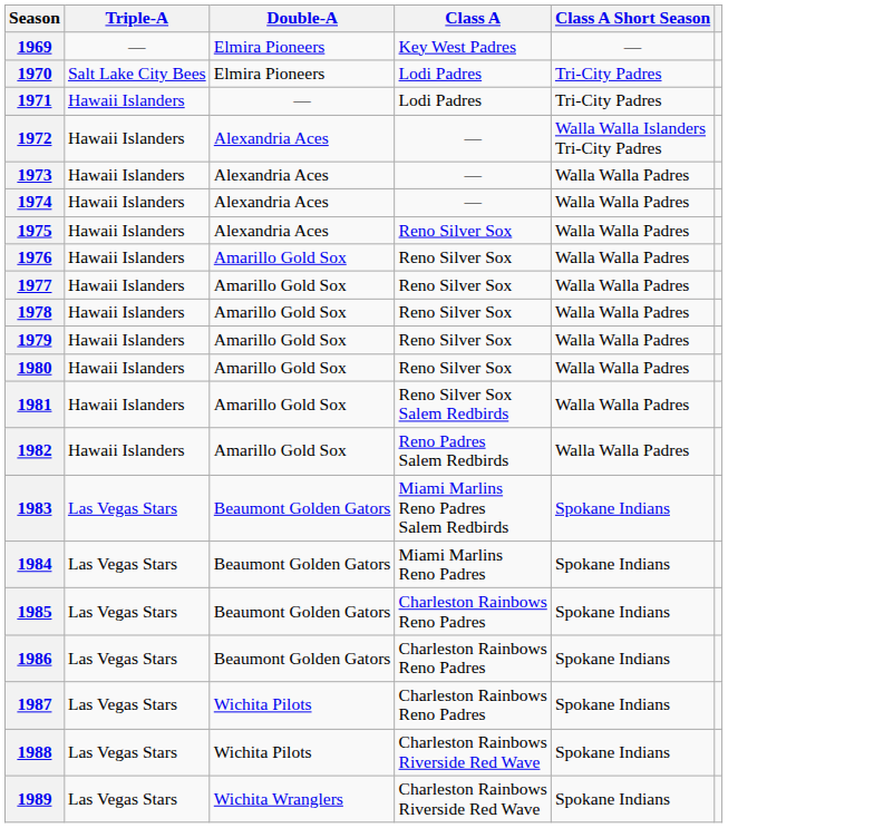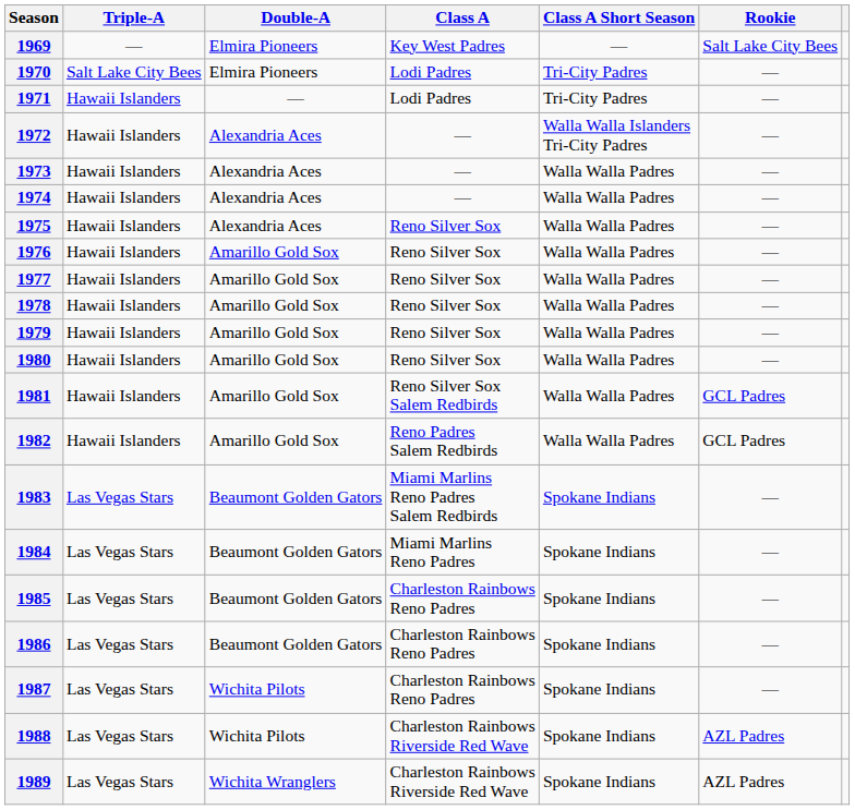 <table class="wikitable plainrowheaders">
 <tr>
 <th scope="col">Season</th>
 <th scope="col"><a href='#'><span>Triple-A</span></a></th>
 <th scope="col"><a href='#'><span>Double-A</span></a></th>
 <th scope="col"><a href='#'><span>Class A</span></a></th>
 <th scope="col"><a href='#'><span>Class A Short Season</span></a></th>
+<th scope="col"><a href='#'><span>Rookie</span></a></th>
 <th scope="col"></th>
 </tr>
 <tr>
 <th scope="row" style="text-align:center"><a href='#'>1969</a></th>
 <td align="center">—</td>
 <td><a href='#'>Elmira Pioneers</a></td>
 <td><a href='#'>Key West Padres</a></td>
 <td align="center">—</td>
+<td><a href='#'>Salt Lake City Bees</a></td>
 <td align="center"></td>
 </tr>
 <tr>
 <th scope="row" style="text-align:center"><a href='#'>1970</a></th>
 <td><a href='#'>Salt Lake City Bees</a></td>
 <td>Elmira Pioneers</td>
 <td><a href='#'>Lodi Padres</a></td>
 <td><a href='#'>Tri-City Padres</a></td>
+<td align="center">—</td>
 <td align="center"></td>
 </tr>
 <tr>
 <th scope="row" style="text-align:center"><a href='#'>1971</a></th>
 <td><a href='#'>Hawaii Islanders</a></td>
 <td align="center">—</td>
 <td>Lodi Padres</td>
 <td>Tri-City Padres</td>
+<td align="center">—</td>
 <td align="center"></td>
 </tr>
 <tr>
 <th scope="row" style="text-align:center"><a href='#'>1972</a></th>
 <td>Hawaii Islanders</td>
 <td><a href='#'>Alexandria Aces</a></td>
 <td align="center">—</td>
 <td><a href='#'>Walla Walla Islanders</a><br>Tri-City Padres</td>
+<td align="center">—</td>
 <td align="center"></td>
 </tr>
 <tr>
 <th scope="row" style="text-align:center"><a href='#'>1973</a></th>
 <td>Hawaii Islanders</td>
 <td>Alexandria Aces</td>
 <td align="center">—</td>
 <td>Walla Walla Padres</td>
+<td align="center">—</td>
 <td align="center"></td>
 </tr>
 <tr>
 <th scope="row" style="text-align:center"><a href='#'>1974</a></th>
 <td>Hawaii Islanders</td>
 <td>Alexandria Aces</td>
 <td align="center">—</td>
 <td>Walla Walla Padres</td>
+<td align="center">—</td>
 <td align="center"></td>
 </tr>
 <tr>
 <th scope="row" style="text-align:center"><a href='#'>1975</a></th>
 <td>Hawaii Islanders</td>
 <td>Alexandria Aces</td>
 <td><a href='#'>Reno Silver Sox</a></td>
 <td>Walla Walla Padres</td>
+<td align="center">—</td>
 <td align="center"></td>
 </tr>
 <tr>
 <th scope="row" style="text-align:center"><a href='#'>1976</a></th>
 <td>Hawaii Islanders</td>
 <td><a href='#'>Amarillo Gold Sox</a></td>
 <td>Reno Silver Sox</td>
 <td>Walla Walla Padres</td>
+<td align="center">—</td>
 <td align="center"></td>
 </tr>
 <tr>
 <th scope="row" style="text-align:center"><a href='#'>1977</a></th>
 <td>Hawaii Islanders</td>
 <td>Amarillo Gold Sox</td>
 <td>Reno Silver Sox</td>
 <td>Walla Walla Padres</td>
+<td align="center">—</td>
 <td align="center"></td>
 </tr>
 <tr>
 <th scope="row" style="text-align:center"><a href='#'>1978</a></th>
 <td>Hawaii Islanders</td>
 <td>Amarillo Gold Sox</td>
 <td>Reno Silver Sox</td>
 <td>Walla Walla Padres</td>
+<td align="center">—</td>
 <td align="center"></td>
 </tr>
 <tr>
 <th scope="row" style="text-align:center"><a href='#'>1979</a></th>
 <td>Hawaii Islanders</td>
 <td>Amarillo Gold Sox</td>
 <td>Reno Silver Sox</td>
 <td>Walla Walla Padres</td>
+<td align="center">—</td>
 <td align="center"></td>
 </tr>
 <tr>
 <th scope="row" style="text-align:center"><a href='#'>1980</a></th>
 <td>Hawaii Islanders</td>
 <td>Amarillo Gold Sox</td>
 <td>Reno Silver Sox</td>
 <td>Walla Walla Padres</td>
+<td align="center">—</td>
 <td align="center"></td>
 </tr>
 <tr>
 <th scope="row" style="text-align:center"><a href='#'>1981</a></th>
 <td>Hawaii Islanders</td>
 <td>Amarillo Gold Sox</td>
 <td>Reno Silver Sox<br><a href='#'>Salem Redbirds</a></td>
 <td>Walla Walla Padres</td>
+<td><a href='#'>GCL Padres</a></td>
 <td align="center"></td>
 </tr>
 <tr>
 <th scope="row" style="text-align:center"><a href='#'>1982</a></th>
 <td>Hawaii Islanders</td>
 <td>Amarillo Gold Sox</td>
 <td><a href='#'>Reno Padres</a><br>Salem Redbirds</td>
 <td>Walla Walla Padres</td>
+<td>GCL Padres</td>
 <td align="center"></td>
 </tr>
 <tr>
 <th scope="row" style="text-align:center"><a href='#'>1983</a></th>
 <td><a href='#'>Las Vegas Stars</a></td>
 <td><a href='#'>Beaumont Golden Gators</a></td>
 <td><a href='#'>Miami Marlins</a><br>Reno Padres<br>Salem Redbirds</td>
 <td><a href='#'>Spokane Indians</a></td>
+<td align="center">—</td>
 <td align="center"></td>
 </tr>
 <tr>
 <th scope="row" style="text-align:center"><a href='#'>1984</a></th>
 <td>Las Vegas Stars</td>
 <td>Beaumont Golden Gators</td>
 <td>Miami Marlins<br>Reno Padres</td>
 <td>Spokane Indians</td>
+<td align="center">—</td>
 <td align="center"></td>
 </tr>
 <tr>
 <th scope="row" style="text-align:center"><a href='#'>1985</a></th>
 <td>Las Vegas Stars</td>
 <td>Beaumont Golden Gators</td>
 <td><a href='#'>Charleston Rainbows</a><br>Reno Padres</td>
 <td>Spokane Indians</td>
+<td align="center">—</td>
 <td align="center"></td>
 </tr>
 <tr>
 <th scope="row" style="text-align:center"><a href='#'>1986</a></th>
 <td>Las Vegas Stars</td>
 <td>Beaumont Golden Gators</td>
 <td>Charleston Rainbows<br>Reno Padres</td>
 <td>Spokane Indians</td>
+<td align="center">—</td>
 <td align="center"></td>
 </tr>
 <tr>
 <th scope="row" style="text-align:center"><a href='#'>1987</a></th>
 <td>Las Vegas Stars</td>
 <td><a href='#'>Wichita Pilots</a></td>
 <td>Charleston Rainbows<br>Reno Padres</td>
 <td>Spokane Indians</td>
+<td align="center">—</td>
 <td align="center"></td>
 </tr>
 <tr>
 <th scope="row" style="text-align:center"><a href='#'>1988</a></th>
 <td>Las Vegas Stars</td>
 <td>Wichita Pilots</td>
 <td>Charleston Rainbows<br><a href='#'>Riverside Red Wave</a></td>
 <td>Spokane Indians</td>
+<td><a href='#'>AZL Padres</a></td>
 <td align="center"></td>
 </tr>
 <tr>
 <th scope="row" style="text-align:center"><a href='#'>1989</a></th>
 <td>Las Vegas Stars</td>
 <td><a href='#'>Wichita Wranglers</a></td>
 <td>Charleston Rainbows<br>Riverside Red Wave</td>
 <td>Spokane Indians</td>
+<td>AZL Padres</td>
 <td align="center"></td>
 </tr>
 </table>
